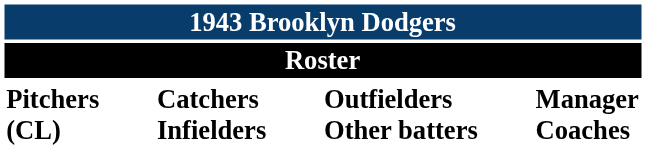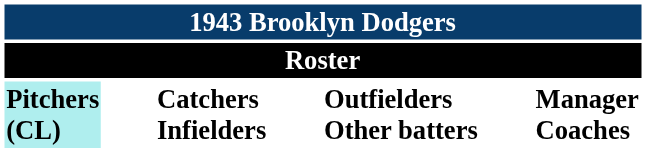 <table class="toccolours" style="font-size: 95%;">
 <tr>
 <th colspan="10" style="background-color: #083c6b; color: white; text-align: center;">1943 Brooklyn Dodgers</th>
 </tr>
 <tr>
 <td colspan="10" style="background-color: black; color: white; text-align: center;"><strong>Roster</strong></td>
 </tr>
 <tr>
-<td valign="top"><strong>Pitchers</strong><br>                 <strong>(CL)</strong> </td>
+<td valign="top" style="background: paleturquoise;"><strong>Pitchers</strong><br>                 <strong>(CL)</strong> </td>
 <td width="25px"></td>
 <td valign="top"><strong>Catchers</strong><br>   <strong>Infielders</strong>               </td>
 <td width="25px"></td>
 <td valign="top"><strong>Outfielders</strong><br>        <strong>Other batters</strong> </td>
 <td width="25px"></td>
 <td valign="top"><strong>Manager</strong><br> <strong>Coaches</strong>   </td>
 </tr>
 </table>
